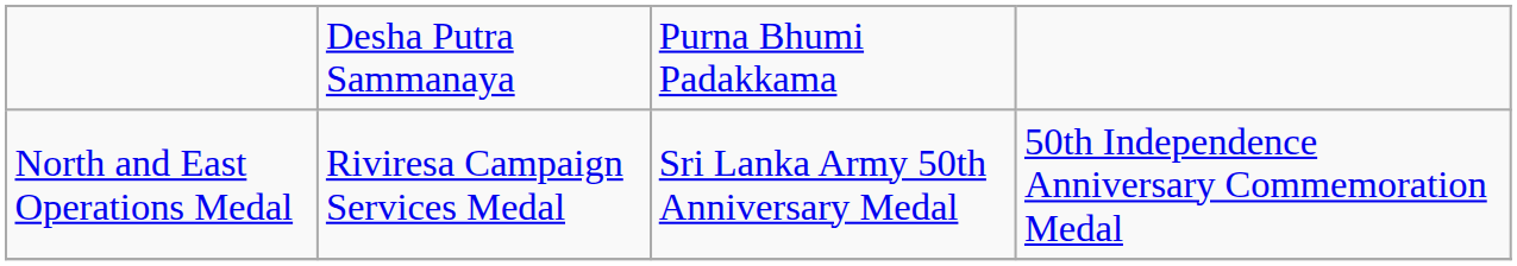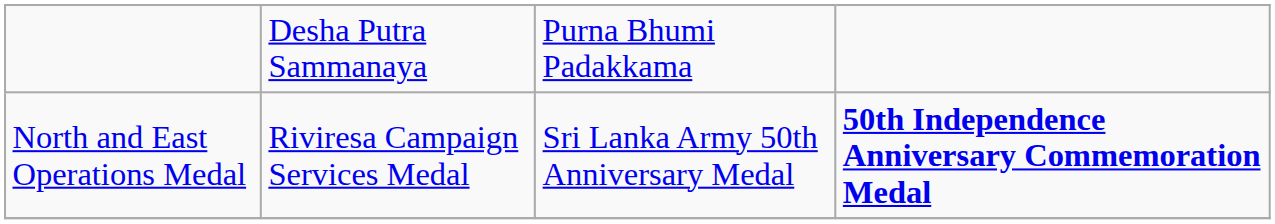 <table class="wikitable" style="margin:1em auto;">
 <tr>
 <td></td>
 <td><a href='#'>Desha Putra Sammanaya</a></td>
 <td><a href='#'>Purna Bhumi Padakkama</a></td>
 </tr>
 <tr>
 <td><a href='#'>North and East Operations Medal</a></td>
 <td><a href='#'>Riviresa Campaign Services Medal</a></td>
 <td><a href='#'>Sri Lanka Army 50th Anniversary Medal</a></td>
-<td><a href='#'>50th Independence Anniversary Commemoration Medal</a></td>
+<td><strong><a href='#'>50th Independence Anniversary Commemoration Medal</a></strong></td>
 </tr>
 <tr>
 </tr>
 </table>
